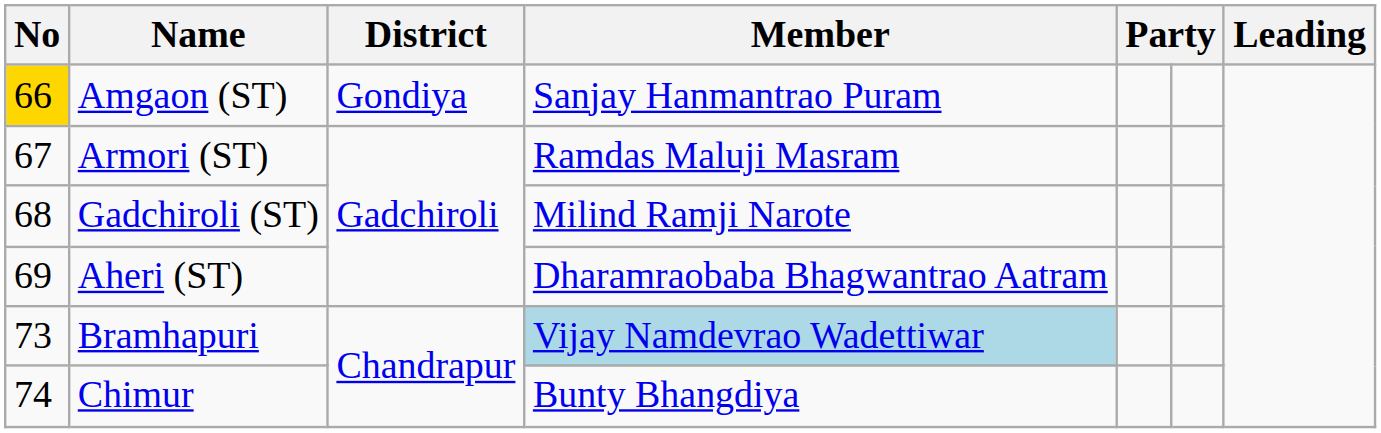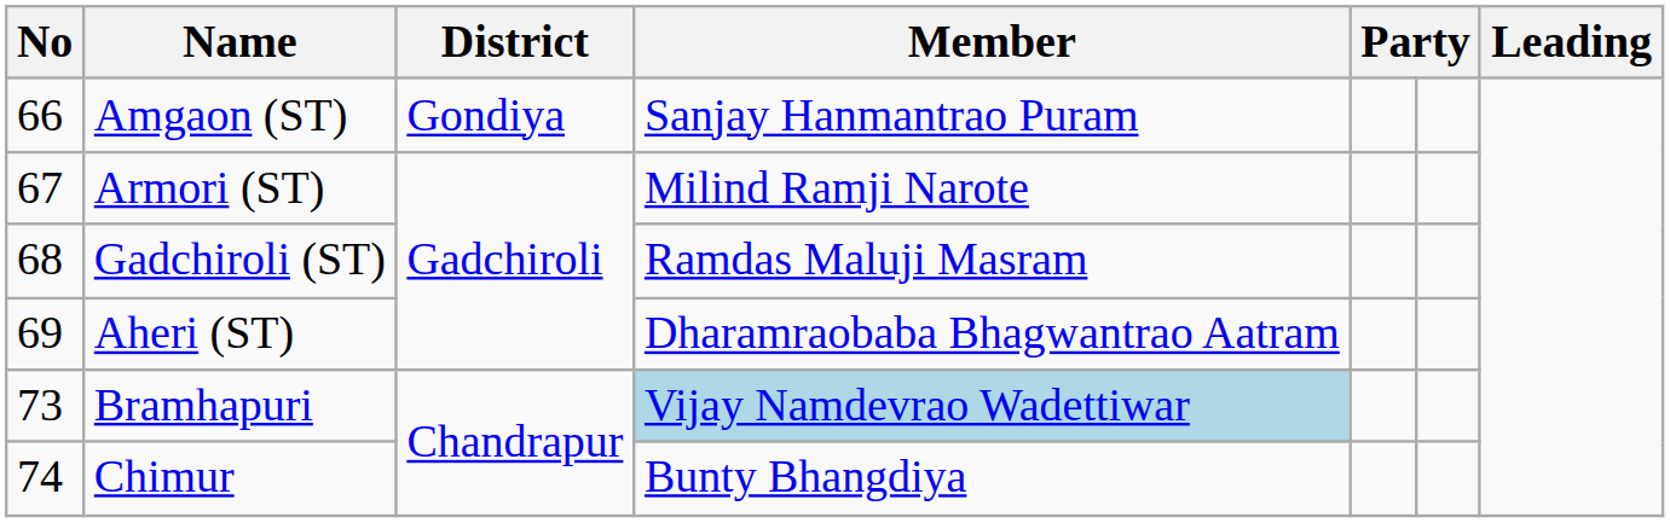 <table class="wikitable">
 <tr>
 <th>No</th>
 <th>Name</th>
 <th>District</th>
 <th>Member</th>
 <th colspan="2">Party</th>
 <th colspan=2>Leading<br></th>
 </tr>
 <tr>
-<td style="background: gold;">66</td>
+<td>66</td>
 <td><a href='#'>Amgaon</a> (ST)</td>
 <td><a href='#'>Gondiya</a></td>
 <td><a href='#'>Sanjay Hanmantrao Puram</a></td>
 <td></td>
 <td></td>
 </tr>
 <tr>
 <td>67</td>
 <td><a href='#'>Armori</a> (ST)</td>
 <td rowspan="3"><a href='#'>Gadchiroli</a></td>
-<td><a href='#'>Ramdas Maluji Masram</a></td>
+<td><a href='#'>Milind Ramji Narote</a></td>
 <td></td>
 <td></td>
 </tr>
 <tr>
 <td>68</td>
 <td><a href='#'>Gadchiroli</a> (ST)</td>
-<td><a href='#'>Milind Ramji Narote</a></td>
+<td><a href='#'>Ramdas Maluji Masram</a></td>
 <td></td>
 <td></td>
 </tr>
 <tr>
 <td>69</td>
 <td><a href='#'>Aheri</a> (ST)</td>
 <td><a href='#'>Dharamraobaba Bhagwantrao Aatram</a></td>
 <td></td>
 <td></td>
 </tr>
 <tr>
 <td>73</td>
 <td><a href='#'>Bramhapuri</a></td>
 <td rowspan="2"><a href='#'>Chandrapur</a></td>
 <td style="background: lightblue;"><a href='#'>Vijay Namdevrao Wadettiwar</a></td>
 <td></td>
 <td></td>
 </tr>
 <tr>
 <td>74</td>
 <td><a href='#'>Chimur</a></td>
 <td><a href='#'>Bunty Bhangdiya</a></td>
 <td></td>
 <td></td>
 </tr>
 </table>
